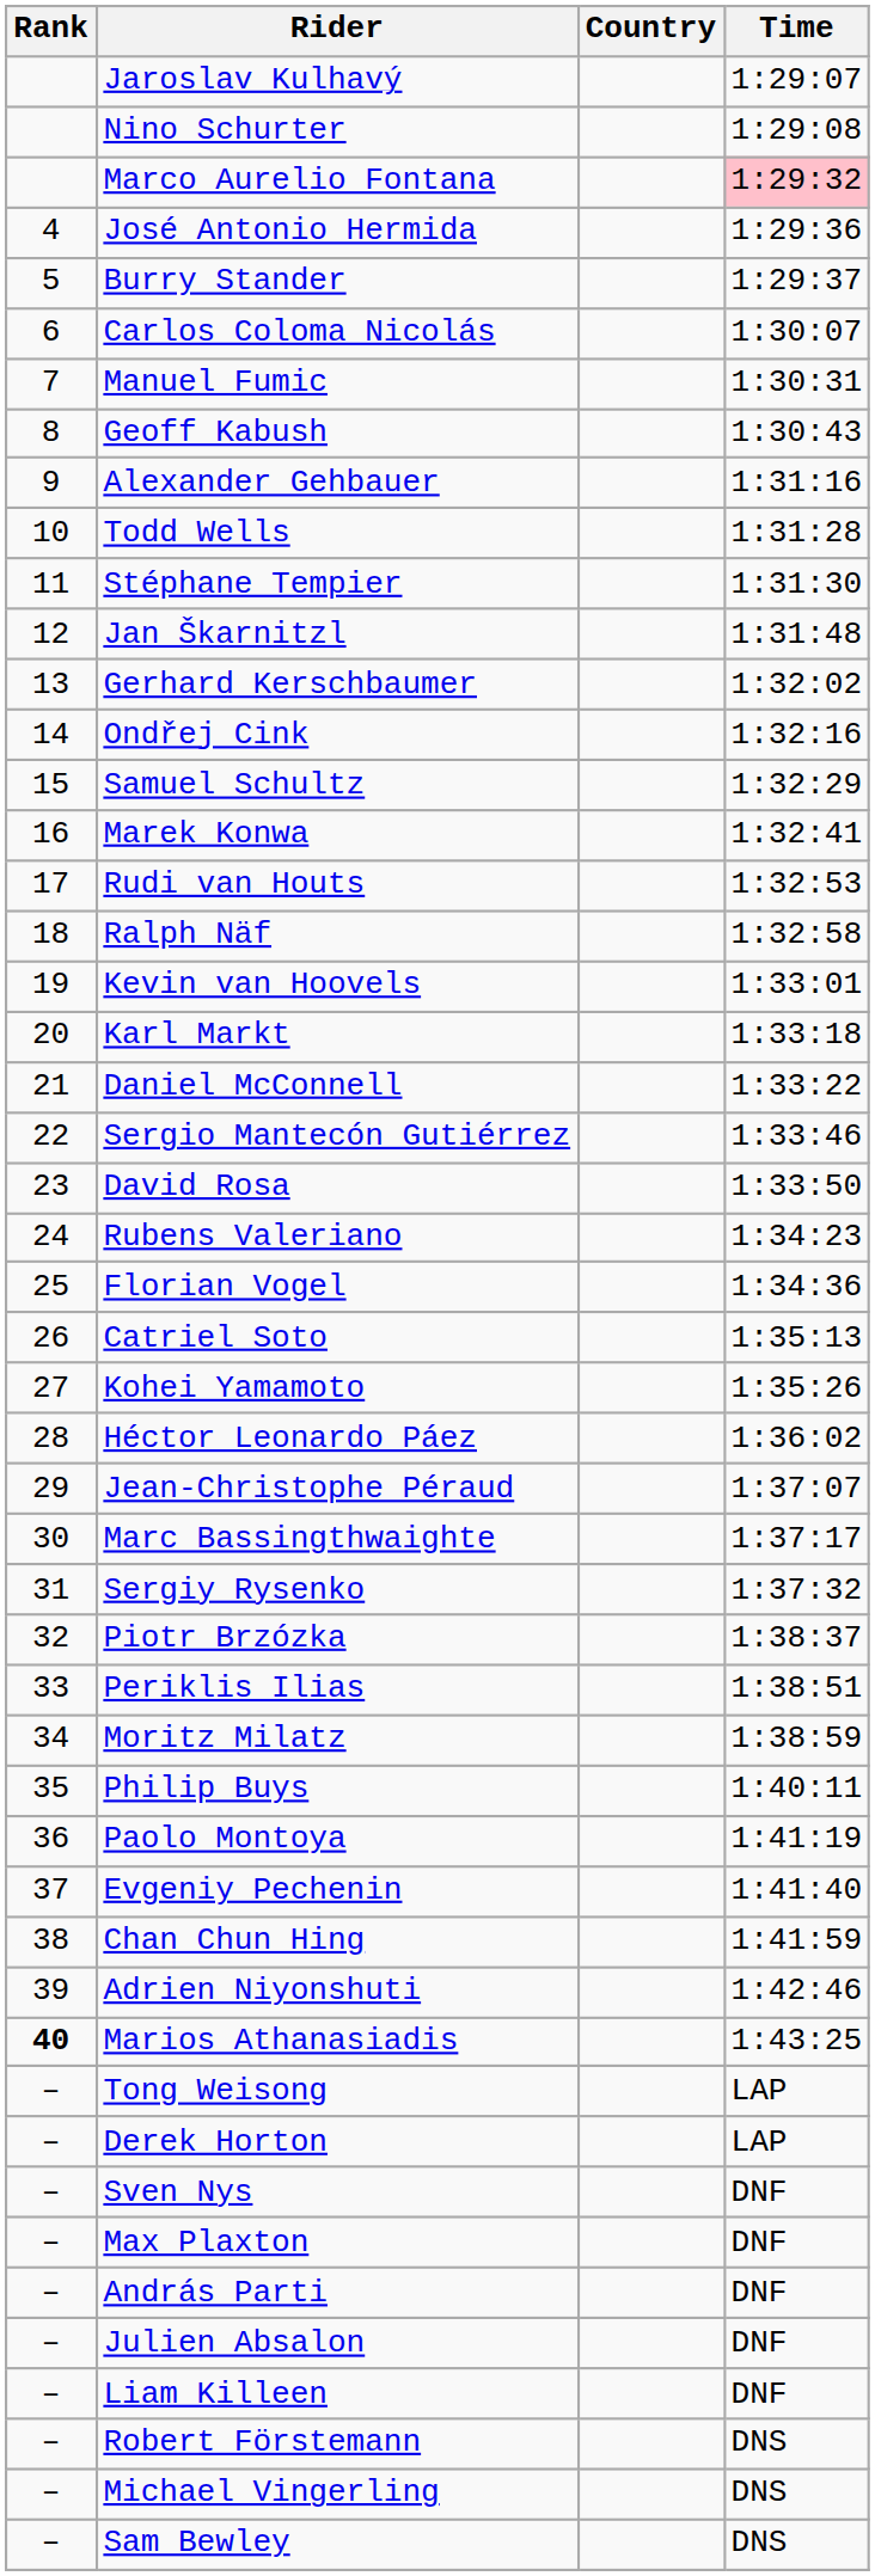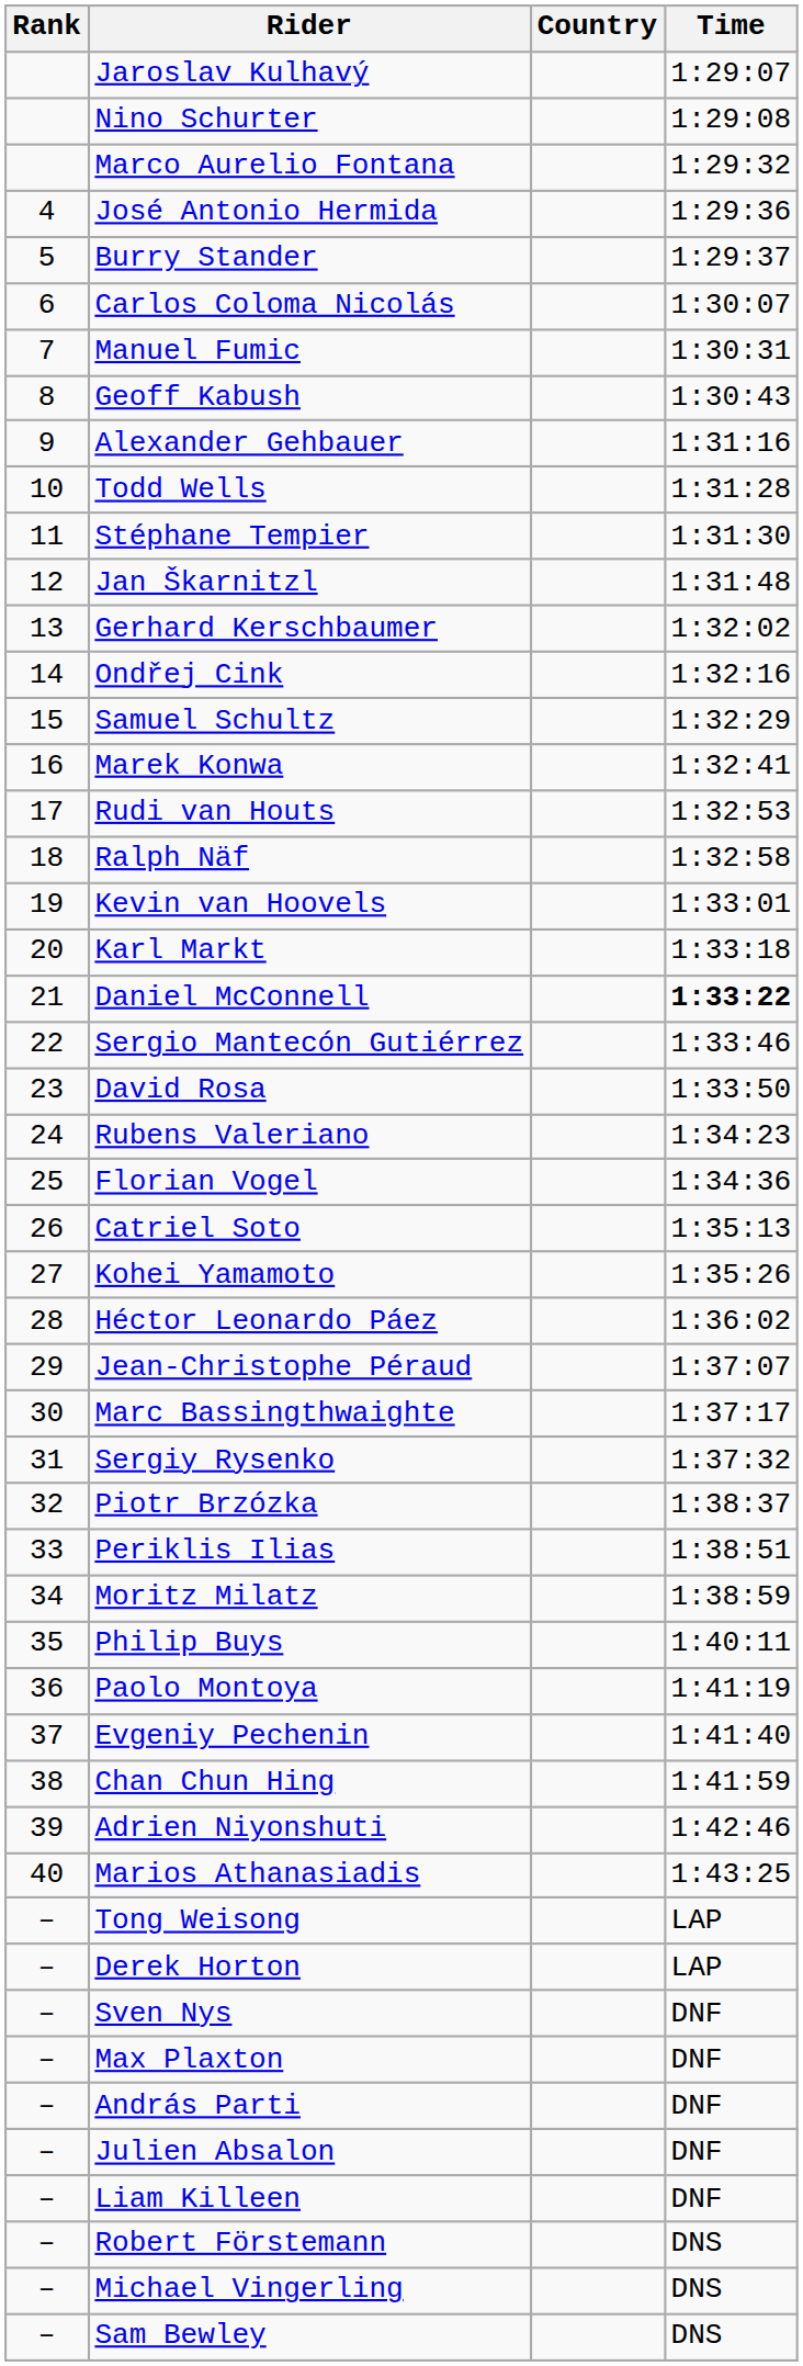 <table class="wikitable sortable" style="font-size:95%" style="width:35em;">
 <tr>
 <th>Rank</th>
 <th>Rider</th>
 <th>Country</th>
 <th>Time</th>
 </tr>
 <tr>
 <td align=center></td>
 <td><a href='#'>Jaroslav Kulhavý</a></td>
 <td></td>
 <td>1:29:07</td>
 </tr>
 <tr>
 <td align=center></td>
 <td><a href='#'>Nino Schurter</a></td>
 <td></td>
 <td>1:29:08</td>
 </tr>
 <tr>
 <td align=center></td>
 <td><a href='#'>Marco Aurelio Fontana</a></td>
 <td></td>
-<td style="background: pink;">1:29:32</td>
+<td>1:29:32</td>
 </tr>
 <tr>
 <td align=center>4</td>
 <td><a href='#'>José Antonio Hermida</a></td>
 <td></td>
 <td>1:29:36</td>
 </tr>
 <tr>
 <td align=center>5</td>
 <td><a href='#'>Burry Stander</a></td>
 <td></td>
 <td>1:29:37</td>
 </tr>
 <tr>
 <td align=center>6</td>
 <td><a href='#'>Carlos Coloma Nicolás</a></td>
 <td></td>
 <td>1:30:07</td>
 </tr>
 <tr>
 <td align=center>7</td>
 <td><a href='#'>Manuel Fumic</a></td>
 <td></td>
 <td>1:30:31</td>
 </tr>
 <tr>
 <td align=center>8</td>
 <td><a href='#'>Geoff Kabush</a></td>
 <td></td>
 <td>1:30:43</td>
 </tr>
 <tr>
 <td align=center>9</td>
 <td><a href='#'>Alexander Gehbauer</a></td>
 <td></td>
 <td>1:31:16</td>
 </tr>
 <tr>
 <td align=center>10</td>
 <td><a href='#'>Todd Wells</a></td>
 <td></td>
 <td>1:31:28</td>
 </tr>
 <tr>
 <td align=center>11</td>
 <td><a href='#'>Stéphane Tempier</a></td>
 <td></td>
 <td>1:31:30</td>
 </tr>
 <tr>
 <td align=center>12</td>
 <td><a href='#'>Jan Škarnitzl</a></td>
 <td></td>
 <td>1:31:48</td>
 </tr>
 <tr>
 <td align=center>13</td>
 <td><a href='#'>Gerhard Kerschbaumer</a></td>
 <td></td>
 <td>1:32:02</td>
 </tr>
 <tr>
 <td align=center>14</td>
 <td><a href='#'>Ondřej Cink</a></td>
 <td></td>
 <td>1:32:16</td>
 </tr>
 <tr>
 <td align=center>15</td>
 <td><a href='#'>Samuel Schultz</a></td>
 <td></td>
 <td>1:32:29</td>
 </tr>
 <tr>
 <td align=center>16</td>
 <td><a href='#'>Marek Konwa</a></td>
 <td></td>
 <td>1:32:41</td>
 </tr>
 <tr>
 <td align=center>17</td>
 <td><a href='#'>Rudi van Houts</a></td>
 <td></td>
 <td>1:32:53</td>
 </tr>
 <tr>
 <td align=center>18</td>
 <td><a href='#'>Ralph Näf</a></td>
 <td></td>
 <td>1:32:58</td>
 </tr>
 <tr>
 <td align=center>19</td>
 <td><a href='#'>Kevin van Hoovels</a></td>
 <td></td>
 <td>1:33:01</td>
 </tr>
 <tr>
 <td align=center>20</td>
 <td><a href='#'>Karl Markt</a></td>
 <td></td>
 <td>1:33:18</td>
 </tr>
 <tr>
 <td align=center>21</td>
 <td><a href='#'>Daniel McConnell</a></td>
 <td></td>
-<td>1:33:22</td>
+<td><strong>1:33:22</strong></td>
 </tr>
 <tr>
 <td align=center>22</td>
 <td><a href='#'>Sergio Mantecón Gutiérrez</a></td>
 <td></td>
 <td>1:33:46</td>
 </tr>
 <tr>
 <td align=center>23</td>
 <td><a href='#'>David Rosa</a></td>
 <td></td>
 <td>1:33:50</td>
 </tr>
 <tr>
 <td align=center>24</td>
 <td><a href='#'>Rubens Valeriano</a></td>
 <td></td>
 <td>1:34:23</td>
 </tr>
 <tr>
 <td align=center>25</td>
 <td><a href='#'>Florian Vogel</a></td>
 <td></td>
 <td>1:34:36</td>
 </tr>
 <tr>
 <td align=center>26</td>
 <td><a href='#'>Catriel Soto</a></td>
 <td></td>
 <td>1:35:13</td>
 </tr>
 <tr>
 <td align=center>27</td>
 <td><a href='#'>Kohei Yamamoto</a></td>
 <td></td>
 <td>1:35:26</td>
 </tr>
 <tr>
 <td align=center>28</td>
 <td><a href='#'>Héctor Leonardo Páez</a></td>
 <td></td>
 <td>1:36:02</td>
 </tr>
 <tr>
 <td align=center>29</td>
 <td><a href='#'>Jean-Christophe Péraud</a></td>
 <td></td>
 <td>1:37:07</td>
 </tr>
 <tr>
 <td align=center>30</td>
 <td><a href='#'>Marc Bassingthwaighte</a></td>
 <td></td>
 <td>1:37:17</td>
 </tr>
 <tr>
 <td align=center>31</td>
 <td><a href='#'>Sergiy Rysenko</a></td>
 <td></td>
 <td>1:37:32</td>
 </tr>
 <tr>
 <td align=center>32</td>
 <td><a href='#'>Piotr Brzózka</a></td>
 <td></td>
 <td>1:38:37</td>
 </tr>
 <tr>
 <td align=center>33</td>
 <td><a href='#'>Periklis Ilias</a></td>
 <td></td>
 <td>1:38:51</td>
 </tr>
 <tr>
 <td align=center>34</td>
 <td><a href='#'>Moritz Milatz</a></td>
 <td></td>
 <td>1:38:59</td>
 </tr>
 <tr>
 <td align=center>35</td>
 <td><a href='#'>Philip Buys</a></td>
 <td></td>
 <td>1:40:11</td>
 </tr>
 <tr>
 <td align=center>36</td>
 <td><a href='#'>Paolo Montoya</a></td>
 <td></td>
 <td>1:41:19</td>
 </tr>
 <tr>
 <td align=center>37</td>
 <td><a href='#'>Evgeniy Pechenin</a></td>
 <td></td>
 <td>1:41:40</td>
 </tr>
 <tr>
 <td align=center>38</td>
 <td><a href='#'>Chan Chun Hing</a></td>
 <td></td>
 <td>1:41:59</td>
 </tr>
 <tr>
 <td align=center>39</td>
 <td><a href='#'>Adrien Niyonshuti</a></td>
 <td></td>
 <td>1:42:46</td>
 </tr>
 <tr>
-<td align=center><strong>40</strong></td>
+<td align=center>40</td>
 <td><a href='#'>Marios Athanasiadis</a></td>
 <td></td>
 <td>1:43:25</td>
 </tr>
 <tr>
 <td align=center>–</td>
 <td><a href='#'>Tong Weisong</a></td>
 <td></td>
 <td>LAP</td>
 </tr>
 <tr>
 <td align=center>–</td>
 <td><a href='#'>Derek Horton</a></td>
 <td></td>
 <td>LAP</td>
 </tr>
 <tr>
 <td align=center>–</td>
 <td><a href='#'>Sven Nys</a></td>
 <td></td>
 <td>DNF</td>
 </tr>
 <tr>
 <td align=center>–</td>
 <td><a href='#'>Max Plaxton</a></td>
 <td></td>
 <td>DNF</td>
 </tr>
 <tr>
 <td align=center>–</td>
 <td><a href='#'>András Parti</a></td>
 <td></td>
 <td>DNF</td>
 </tr>
 <tr>
 <td align=center>–</td>
 <td><a href='#'>Julien Absalon</a></td>
 <td></td>
 <td>DNF</td>
 </tr>
 <tr>
 <td align=center>–</td>
 <td><a href='#'>Liam Killeen</a></td>
 <td></td>
 <td>DNF</td>
 </tr>
 <tr>
 <td align=center>–</td>
 <td><a href='#'>Robert Förstemann</a></td>
 <td></td>
 <td>DNS</td>
 </tr>
 <tr>
 <td align=center>–</td>
 <td><a href='#'>Michael Vingerling</a></td>
 <td></td>
 <td>DNS</td>
 </tr>
 <tr>
 <td align=center>–</td>
 <td><a href='#'>Sam Bewley</a></td>
 <td></td>
 <td>DNS</td>
 </tr>
 </table>
